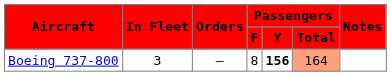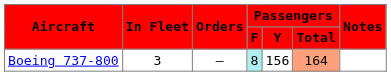 <table class="toccolours" border="1" cellpadding="3" style="border-collapse:collapse; text-align:center">
 <tr bgcolor=red>
 <th rowspan=2><span>Aircraft</span></th>
 <th rowspan=2><span>In Fleet</span></th>
 <th rowspan=2><span>Orders</span></th>
 <th colspan=3><span>Passengers</span></th>
 <th rowspan="2"><span>Notes</span></th>
 </tr>
 <tr bgcolor=red>
 <th><abbr><span>F</span></abbr></th>
 <th><abbr><span>Y</span></abbr></th>
 <th><span>Total</span></th>
 </tr>
 <tr>
 <td><a href='#'>Boeing 737-800</a></td>
 <td>3</td>
 <td>–</td>
-<td>8</td>
-<td><strong>156</strong></td>
+<td style="background: paleturquoise;">8</td>
+<td>156</td>
 <td style="background: lightsalmon;">164</td>
 <td></td>
 </tr>
 </table>
